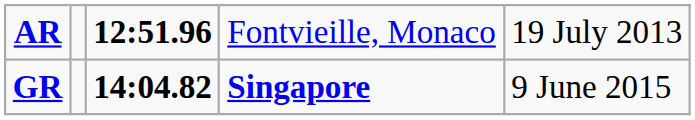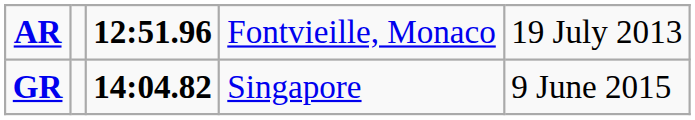 <table class="wikitable" style="font-size:95%; position:relative;">
 <tr>
 <td align=center><strong><a href='#'>AR</a></strong></td>
 <td></td>
 <td><strong>12:51.96</strong></td>
 <td><a href='#'>Fontvieille, Monaco</a></td>
 <td>19 July 2013</td>
 </tr>
 <tr>
 <td align=center><strong><a href='#'>GR</a></strong></td>
 <td></td>
 <td><strong>14:04.82</strong></td>
-<td><strong><a href='#'>Singapore</a></strong></td>
+<td><a href='#'>Singapore</a></td>
 <td>9 June 2015</td>
 </tr>
 </table>
